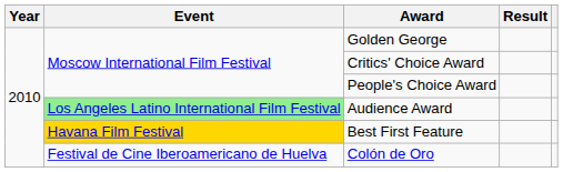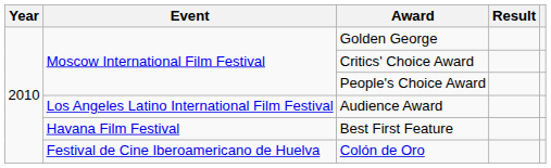 <table class="wikitable">
 <tr>
 <th>Year</th>
 <th>Event</th>
 <th>Award</th>
 <th>Result</th>
 <th></th>
 </tr>
 <tr>
 <td rowspan="6">2010</td>
 <td rowspan="3"><a href='#'>Moscow International Film Festival</a></td>
 <td>Golden George</td>
 <td></td>
 <td></td>
 </tr>
 <tr>
 <td>Critics' Choice Award</td>
 <td></td>
 <td></td>
 </tr>
 <tr>
 <td>People's Choice Award</td>
 <td></td>
 <td></td>
 </tr>
 <tr>
-<td style="background: lightgreen;"><a href='#'>Los Angeles Latino International Film Festival</a></td>
+<td><a href='#'>Los Angeles Latino International Film Festival</a></td>
 <td>Audience Award</td>
 <td></td>
 <td></td>
 </tr>
 <tr>
-<td style="background: gold;"><a href='#'>Havana Film Festival</a></td>
+<td><a href='#'>Havana Film Festival</a></td>
 <td>Best First Feature</td>
 <td></td>
 <td></td>
 </tr>
 <tr>
 <td><a href='#'>Festival de Cine Iberoamericano de Huelva</a></td>
 <td><a href='#'>Colón de Oro</a></td>
 <td></td>
 <td></td>
 </tr>
 </table>
